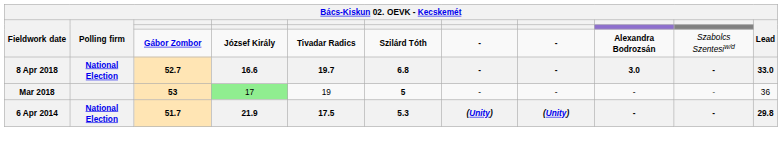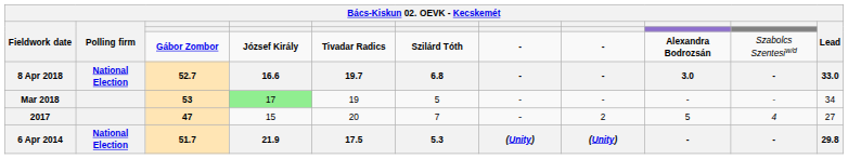 <table class="wikitable mw-collapsible mw-collapsed" style="text-align:center">
 <tr>
 <th colspan="11" style="width: 980pt;"><small><a href='#'>Bács-Kiskun</a> 02.</small> <small>OEVK - <a href='#'>Kecskemét</a></small></th>
 </tr>
 <tr>
 <th rowspan="3" style="width: 80pt;"><small>Fieldwork</small> <small>date</small></th>
 <th rowspan="3" style="width: 80pt;"><strong><small>Polling</small> <small>firm</small></strong></th>
 <th style="width: 100pt;"><small></small></th>
 <th style="width: 100pt;"><small> </small></th>
 <th style="width: 100pt;"></th>
 <th style="width: 100pt;"></th>
 <th style="width: 100pt;"></th>
 <th style="width: 100pt;"></th>
 <th style="width: 100pt;"></th>
 <th style="width: 100pt;"></th>
 <th rowspan="3" style="width: 20pt;"><small>Lead</small></th>
 </tr>
 <tr>
 <th style="color:inherit;background:"></th>
 <th style="color:inherit;background:"></th>
 <th style="color:inherit;background:"></th>
 <th style="color:inherit;background:"></th>
 <th style="color:inherit;background:"></th>
 <th style="color:inherit;background:"></th>
 <th style="color:inherit;background:#8E6FCE;"></th>
 <th style="color:inherit;background:#808080;"></th>
 </tr>
 <tr>
 <td><strong><small><a href='#'>Gábor Zombor</a></small></strong></td>
 <td><strong><small>József Király</small></strong></td>
 <td><strong><small>Tivadar Radics</small></strong></td>
 <td><strong><small>Szilárd Tóth</small></strong></td>
 <td><strong><small>-</small></strong></td>
 <td><strong><small>-</small></strong></td>
 <td><strong><small>Alexandra Bodrozsán</small></strong></td>
 <td><em><small>Szabolcs Szentesi<sup>w/d</sup></small></em></td>
 </tr>
 <tr>
 <th><small>8 Apr 2018</small></th>
 <th><a href='#'><small>National Election</small></a></th>
 <th style="background:#FFE5B4"><small>52.7</small></th>
 <th><small>16.6</small></th>
 <th><small>19.7</small></th>
 <th><small>6.8</small></th>
 <th><small>-</small></th>
 <th><small>-</small></th>
 <th><small>3.0</small></th>
 <th><small>-</small></th>
 <th style="background:"><small>33.0</small></th>
 </tr>
 <tr>
 <th><small>Mar 2018</small></th>
 <th><small></small></th>
 <td style="background:#FFE5B4"><strong><small>53</small></strong></td>
 <td style="background: lightgreen;"><small>17</small></td>
 <td><small>19</small></td>
-<td><strong><small>5</small></strong></td>
+<td><small>5</small></td>
 <td><small>-</small></td>
 <td><small>-</small></td>
 <td><small>-</small></td>
 <td><em><small>-</small></em></td>
-<td style="background:"><small>36</small></td>
+<td style="background:"><small>34</small></td>
+</tr>
+<tr>
+<th><small>2017</small></th>
+<th><small></small></th>
+<td style="background:#FFE5B4"><strong><small>47</small></strong></td>
+<td><small>15</small></td>
+<td><small>20</small></td>
+<td><small>7</small></td>
+<td>-</td>
+<td><small>2</small></td>
+<td><small>5</small></td>
+<td><em><small>4</small></em></td>
+<td style="background:"><small>27</small></td>
 </tr>
 <tr>
 <th><small>6 Apr 2014</small></th>
 <th><a href='#'><small>National Election</small></a></th>
 <th style="background:#FFE5B4"><small>51.7</small></th>
 <th><small>21.9</small></th>
 <th><small>17.5</small></th>
 <th><small>5.3</small></th>
 <th><small><em>(<a href='#'>Unity</a>)</em></small></th>
 <th><small><em>(<a href='#'>Unity</a>)</em></small></th>
 <th><small>-</small></th>
 <th><small>-</small></th>
 <th style="background:"><small>29.8</small></th>
 </tr>
 </table>
